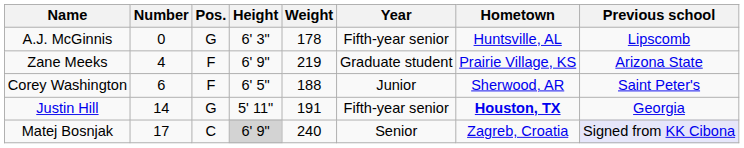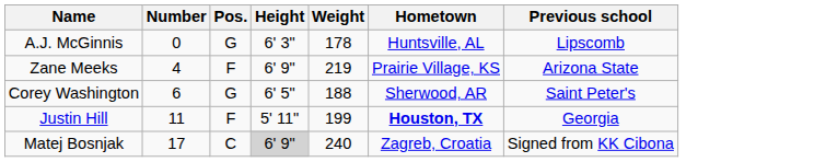 <table class="wikitable sortable" border="1" style="text-align:center;">
 <tr align=center>
 <th>Name</th>
 <th>Number</th>
 <th>Pos.</th>
 <th>Height</th>
 <th>Weight</th>
-<th>Year</th>
 <th>Hometown</th>
 <th>Previous school</th>
 </tr>
 <tr>
 <td>A.J. McGinnis</td>
 <td>0</td>
 <td>G</td>
 <td>6' 3"</td>
 <td>178</td>
-<td>Fifth-year senior</td>
 <td><a href='#'>Huntsville, AL</a></td>
 <td><a href='#'>Lipscomb</a></td>
 </tr>
 <tr>
 <td>Zane Meeks</td>
 <td>4</td>
 <td>F</td>
 <td>6' 9"</td>
 <td>219</td>
-<td>Graduate student</td>
 <td><a href='#'>Prairie Village, KS</a></td>
 <td><a href='#'>Arizona State</a></td>
 </tr>
 <tr>
 <td>Corey Washington</td>
 <td>6</td>
-<td>F</td>
+<td>G</td>
 <td>6' 5"</td>
 <td>188</td>
-<td>Junior</td>
 <td><a href='#'>Sherwood, AR</a></td>
 <td><a href='#'>Saint Peter's</a></td>
 </tr>
 <tr>
 <td><a href='#'>Justin Hill</a></td>
-<td>14</td>
-<td>G</td>
+<td>11</td>
+<td>F</td>
 <td>5' 11"</td>
-<td>191</td>
-<td>Fifth-year senior</td>
+<td>199</td>
 <td><strong><a href='#'>Houston, TX</a></strong></td>
 <td><a href='#'>Georgia</a></td>
 </tr>
 <tr>
 <td>Matej Bosnjak</td>
 <td>17</td>
 <td>C</td>
 <td style="background: lightgrey;">6' 9"</td>
 <td>240</td>
-<td>Senior</td>
 <td><a href='#'>Zagreb, Croatia</a></td>
-<td style="background: lavender;">Signed from <a href='#'>KK Cibona</a></td>
+<td>Signed from <a href='#'>KK Cibona</a></td>
 </tr>
 </table>
